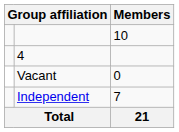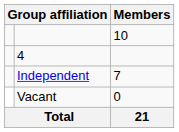 <table class="wikitable">
 <tr>
 <th colspan="2">Group affiliation</th>
 <th>Members</th>
 </tr>
 <tr>
 <td style="width: 4px" bgcolor=></td>
 <td style="text-align: left;" scope="row"><a href='#'></a></td>
 <td>10</td>
 </tr>
 <tr>
 <td></td>
 <td>4</td>
 </tr>
 <tr>
+<td style="background-color:"> </td>
+<td><a href='#'>Independent</a> <br></td>
+<td>7</td>
+</tr>
+<tr>
 <td style="background-color:white"> </td>
 <td>Vacant <br></td>
 <td>0</td>
-</tr>
-<tr>
-<td style="background-color:"> </td>
-<td><a href='#'>Independent</a> <br></td>
-<td>7</td>
 </tr>
 <tr>
 <th colspan="2" rowspan="1"> Total<br></th>
 <th>21</th>
 </tr>
 </table>
